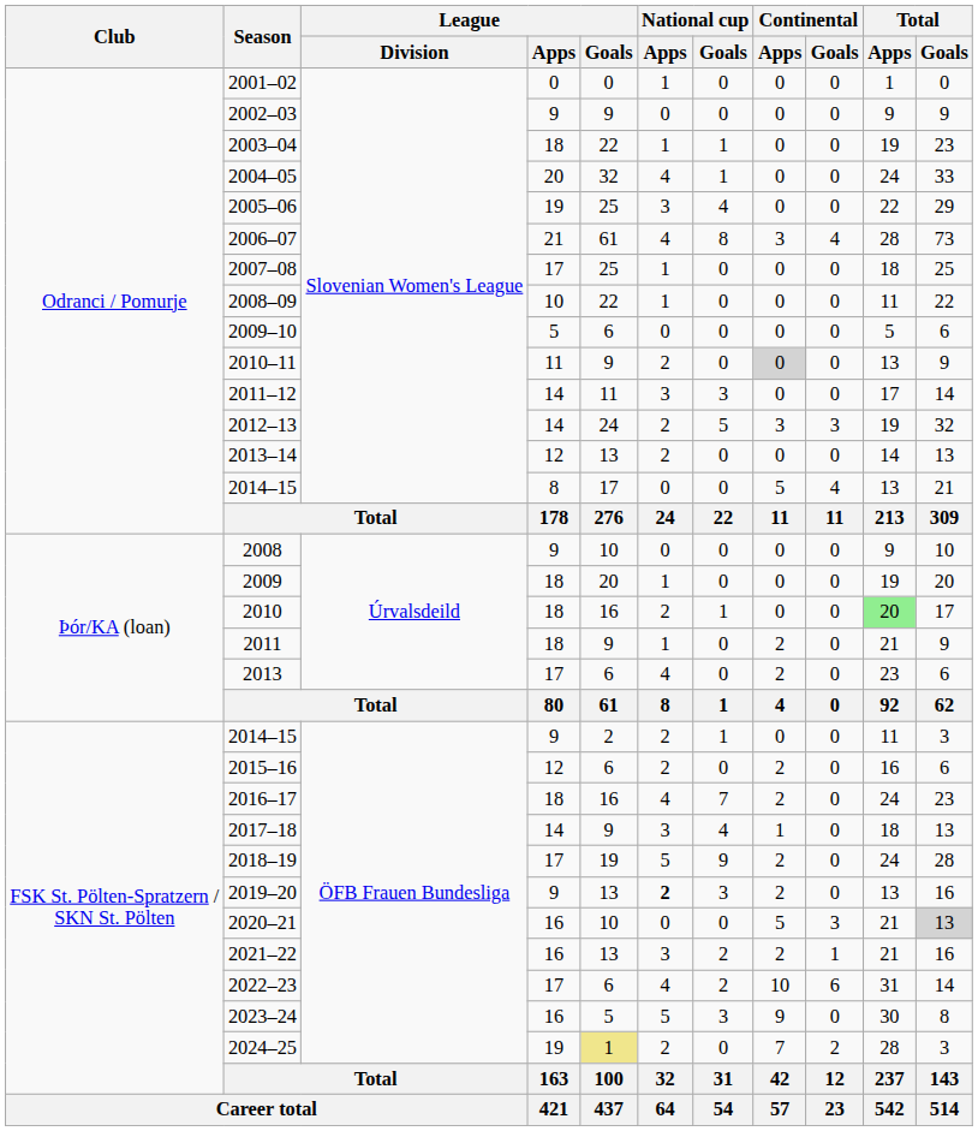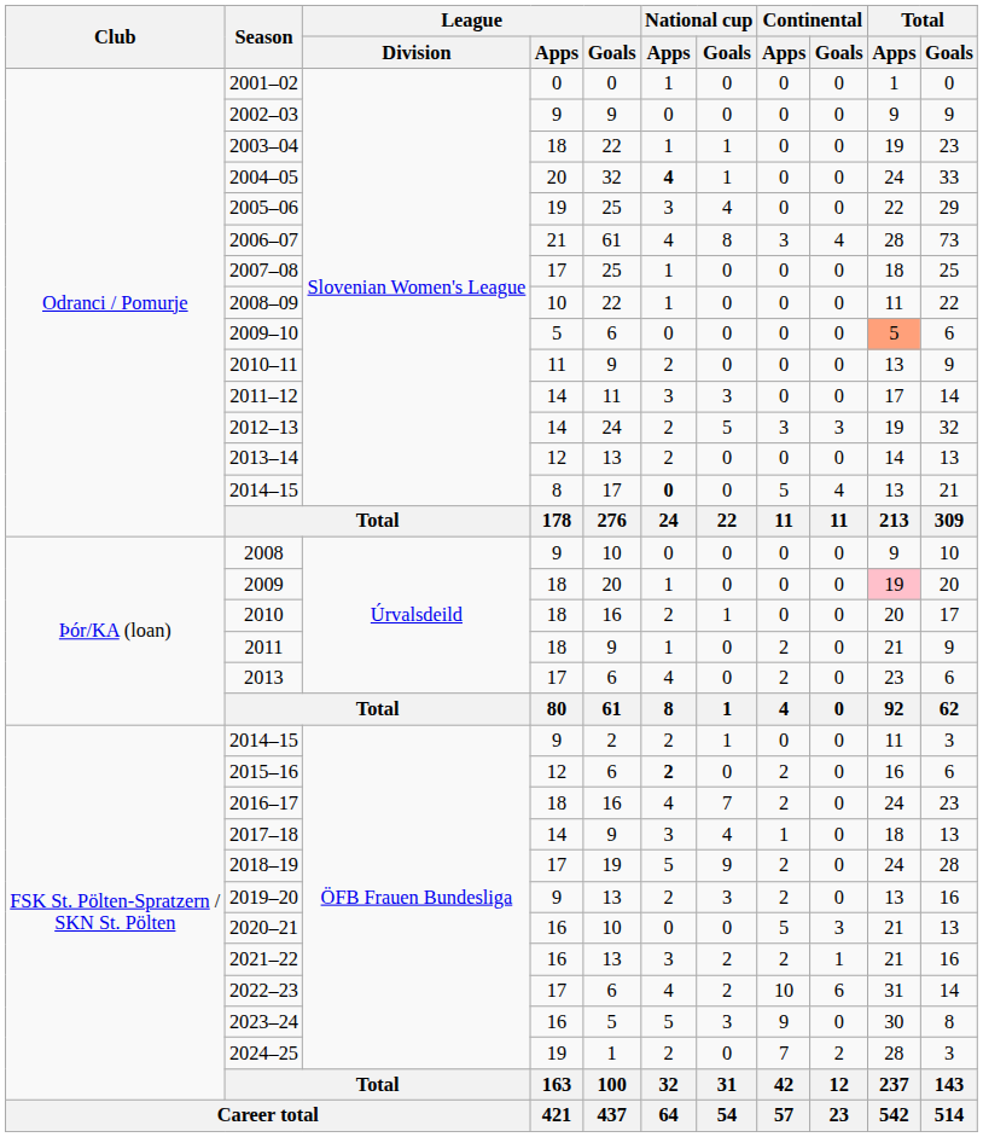 <table class="wikitable" style="font-size:100%; text-align: center;">
 <tr>
 <th rowspan="2">Club</th>
 <th rowspan="2">Season</th>
 <th colspan="3">League</th>
 <th colspan="2">National cup</th>
 <th colspan="2">Continental</th>
 <th colspan="2">Total</th>
 </tr>
 <tr>
 <th>Division</th>
 <th>Apps</th>
 <th>Goals</th>
 <th>Apps</th>
 <th>Goals</th>
 <th>Apps</th>
 <th>Goals</th>
 <th>Apps</th>
 <th>Goals</th>
 </tr>
 <tr>
 <td rowspan=15><a href='#'>Odranci / Pomurje</a></td>
 <td>2001–02</td>
 <td rowspan=14><a href='#'>Slovenian Women's League</a></td>
 <td>0</td>
 <td>0</td>
 <td>1</td>
 <td>0</td>
 <td>0</td>
 <td>0</td>
 <td>1</td>
 <td>0</td>
 </tr>
 <tr>
 <td>2002–03</td>
 <td>9</td>
 <td>9</td>
 <td>0</td>
 <td>0</td>
 <td>0</td>
 <td>0</td>
 <td>9</td>
 <td>9</td>
 </tr>
 <tr>
 <td>2003–04</td>
 <td>18</td>
 <td>22</td>
 <td>1</td>
 <td>1</td>
 <td>0</td>
 <td>0</td>
 <td>19</td>
 <td>23</td>
 </tr>
 <tr>
 <td>2004–05</td>
 <td>20</td>
 <td>32</td>
-<td>4</td>
+<td><strong>4</strong></td>
 <td>1</td>
 <td>0</td>
 <td>0</td>
 <td>24</td>
 <td>33</td>
 </tr>
 <tr>
 <td>2005–06</td>
 <td>19</td>
 <td>25</td>
 <td>3</td>
 <td>4</td>
 <td>0</td>
 <td>0</td>
 <td>22</td>
 <td>29</td>
 </tr>
 <tr>
 <td>2006–07</td>
 <td>21</td>
 <td>61</td>
 <td>4</td>
 <td>8</td>
 <td>3</td>
 <td>4</td>
 <td>28</td>
 <td>73</td>
 </tr>
 <tr>
 <td>2007–08</td>
 <td>17</td>
 <td>25</td>
 <td>1</td>
 <td>0</td>
 <td>0</td>
 <td>0</td>
 <td>18</td>
 <td>25</td>
 </tr>
 <tr>
 <td>2008–09</td>
 <td>10</td>
 <td>22</td>
 <td>1</td>
 <td>0</td>
 <td>0</td>
 <td>0</td>
 <td>11</td>
 <td>22</td>
 </tr>
 <tr>
 <td>2009–10</td>
 <td>5</td>
 <td>6</td>
 <td>0</td>
 <td>0</td>
 <td>0</td>
 <td>0</td>
-<td>5</td>
+<td style="background: lightsalmon;">5</td>
 <td>6</td>
 </tr>
 <tr>
 <td>2010–11</td>
 <td>11</td>
 <td>9</td>
 <td>2</td>
 <td>0</td>
-<td style="background: lightgrey;">0</td>
+<td>0</td>
 <td>0</td>
 <td>13</td>
 <td>9</td>
 </tr>
 <tr>
 <td>2011–12</td>
 <td>14</td>
 <td>11</td>
 <td>3</td>
 <td>3</td>
 <td>0</td>
 <td>0</td>
 <td>17</td>
 <td>14</td>
 </tr>
 <tr>
 <td>2012–13</td>
 <td>14</td>
 <td>24</td>
 <td>2</td>
 <td>5</td>
 <td>3</td>
 <td>3</td>
 <td>19</td>
 <td>32</td>
 </tr>
 <tr>
 <td>2013–14</td>
 <td>12</td>
 <td>13</td>
 <td>2</td>
 <td>0</td>
 <td>0</td>
 <td>0</td>
 <td>14</td>
 <td>13</td>
 </tr>
 <tr>
 <td>2014–15</td>
 <td>8</td>
 <td>17</td>
-<td>0</td>
+<td><strong>0</strong></td>
 <td>0</td>
 <td>5</td>
 <td>4</td>
 <td>13</td>
 <td>21</td>
 </tr>
 <tr>
 <th colspan="2">Total</th>
 <th>178</th>
 <th>276</th>
 <th>24</th>
 <th>22</th>
 <th>11</th>
 <th>11</th>
 <th>213</th>
 <th>309</th>
 </tr>
 <tr>
 <td rowspan=6><a href='#'>Þór/KA</a> (loan)</td>
 <td>2008</td>
 <td rowspan=5><a href='#'>Úrvalsdeild</a></td>
 <td>9</td>
 <td>10</td>
 <td>0</td>
 <td>0</td>
 <td>0</td>
 <td>0</td>
 <td>9</td>
 <td>10</td>
 </tr>
 <tr>
 <td>2009</td>
 <td>18</td>
 <td>20</td>
 <td>1</td>
 <td>0</td>
 <td>0</td>
 <td>0</td>
-<td>19</td>
+<td style="background: pink;">19</td>
 <td>20</td>
 </tr>
 <tr>
 <td>2010</td>
 <td>18</td>
 <td>16</td>
 <td>2</td>
 <td>1</td>
 <td>0</td>
 <td>0</td>
-<td style="background: lightgreen;">20</td>
+<td>20</td>
 <td>17</td>
 </tr>
 <tr>
 <td>2011</td>
 <td>18</td>
 <td>9</td>
 <td>1</td>
 <td>0</td>
 <td>2</td>
 <td>0</td>
 <td>21</td>
 <td>9</td>
 </tr>
 <tr>
 <td>2013</td>
 <td>17</td>
 <td>6</td>
 <td>4</td>
 <td>0</td>
 <td>2</td>
 <td>0</td>
 <td>23</td>
 <td>6</td>
 </tr>
 <tr>
 <th colspan="2">Total</th>
 <th>80</th>
 <th>61</th>
 <th>8</th>
 <th>1</th>
 <th>4</th>
 <th>0</th>
 <th>92</th>
 <th>62</th>
 </tr>
 <tr>
 <td rowspan=12><a href='#'>FSK St. Pölten-Spratzern</a> /<br><a href='#'>SKN St. Pölten</a></td>
 <td>2014–15</td>
 <td rowspan=11><a href='#'>ÖFB Frauen Bundesliga</a></td>
 <td>9</td>
 <td>2</td>
 <td>2</td>
 <td>1</td>
 <td>0</td>
 <td>0</td>
 <td>11</td>
 <td>3</td>
 </tr>
 <tr>
 <td>2015–16</td>
 <td>12</td>
 <td>6</td>
-<td>2</td>
+<td><strong>2</strong></td>
 <td>0</td>
 <td>2</td>
 <td>0</td>
 <td>16</td>
 <td>6</td>
 </tr>
 <tr>
 <td>2016–17</td>
 <td>18</td>
 <td>16</td>
 <td>4</td>
 <td>7</td>
 <td>2</td>
 <td>0</td>
 <td>24</td>
 <td>23</td>
 </tr>
 <tr>
 <td>2017–18</td>
 <td>14</td>
 <td>9</td>
 <td>3</td>
 <td>4</td>
 <td>1</td>
 <td>0</td>
 <td>18</td>
 <td>13</td>
 </tr>
 <tr>
 <td>2018–19</td>
 <td>17</td>
 <td>19</td>
 <td>5</td>
 <td>9</td>
 <td>2</td>
 <td>0</td>
 <td>24</td>
 <td>28</td>
 </tr>
 <tr>
 <td>2019–20</td>
 <td>9</td>
 <td>13</td>
-<td><strong>2</strong></td>
+<td>2</td>
 <td>3</td>
 <td>2</td>
 <td>0</td>
 <td>13</td>
 <td>16</td>
 </tr>
 <tr>
 <td>2020–21</td>
 <td>16</td>
 <td>10</td>
 <td>0</td>
 <td>0</td>
 <td>5</td>
 <td>3</td>
 <td>21</td>
-<td style="background: lightgrey;">13</td>
+<td>13</td>
 </tr>
 <tr>
 <td>2021–22</td>
 <td>16</td>
 <td>13</td>
 <td>3</td>
 <td>2</td>
 <td>2</td>
 <td>1</td>
 <td>21</td>
 <td>16</td>
 </tr>
 <tr>
 <td>2022–23</td>
 <td>17</td>
 <td>6</td>
 <td>4</td>
 <td>2</td>
 <td>10</td>
 <td>6</td>
 <td>31</td>
 <td>14</td>
 </tr>
 <tr>
 <td>2023–24</td>
 <td>16</td>
 <td>5</td>
 <td>5</td>
 <td>3</td>
 <td>9</td>
 <td>0</td>
 <td>30</td>
 <td>8</td>
 </tr>
 <tr>
 <td>2024–25</td>
 <td>19</td>
-<td style="background: khaki;">1</td>
+<td>1</td>
 <td>2</td>
 <td>0</td>
 <td>7</td>
 <td>2</td>
 <td>28</td>
 <td>3</td>
 </tr>
 <tr>
 <th colspan="2">Total</th>
 <th>163</th>
 <th>100</th>
 <th>32</th>
 <th>31</th>
 <th>42</th>
 <th>12</th>
 <th>237</th>
 <th>143</th>
 </tr>
 <tr>
 <th colspan="3">Career total</th>
 <th>421</th>
 <th>437</th>
 <th>64</th>
 <th>54</th>
 <th>57</th>
 <th>23</th>
 <th>542</th>
 <th>514</th>
 </tr>
 <tr>
 </tr>
 </table>
